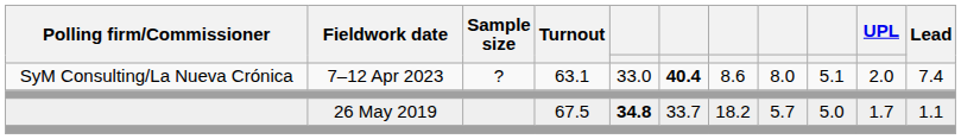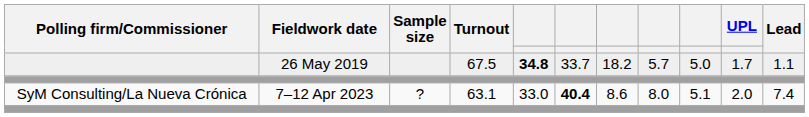 <table class="wikitable collapsible collapsed" style="text-align:center; font-size:95%; line-height:16px;">
 <tr style="height:42px;">
 <th style="width:250px;" rowspan="2">Polling firm/Commissioner</th>
 <th style="width:125px;" rowspan="2">Fieldwork date</th>
 <th style="width:50px;" rowspan="2">Sample size</th>
 <th style="width:45px;" rowspan="2">Turnout</th>
 <th style="width:35px;"></th>
 <th style="width:35px;"></th>
 <th style="width:35px;"></th>
 <th style="width:35px;"></th>
 <th style="width:35px;"></th>
 <th style="width:35px;"><a href='#'>UPL</a></th>
 <th style="width:30px;" rowspan="2">Lead</th>
 </tr>
 <tr>
 <th style="color:inherit;background:"></th>
 <th style="color:inherit;background:"></th>
 <th style="color:inherit;background:"></th>
 <th style="color:inherit;background:"></th>
 <th style="color:inherit;background:"></th>
 <th style="color:inherit;background:"></th>
 </tr>
+<tr style="background:#EFEFEF;">
+<td><strong></strong></td>
+<td>26 May 2019</td>
+<td></td>
+<td>67.5</td>
+<td><strong>34.8</strong><br></td>
+<td>33.7<br></td>
+<td>18.2<br></td>
+<td>5.7<br></td>
+<td>5.0<br></td>
+<td>1.7<br></td>
+<td style="background:">1.1</td>
+</tr>
+<tr>
+<td colspan="11" style="background:#A0A0A0"></td>
+</tr>
 <tr>
 <td>SyM Consulting/La Nueva Crónica</td>
 <td>7–12 Apr 2023</td>
 <td>?</td>
 <td>63.1</td>
 <td>33.0<br></td>
 <td><strong>40.4</strong><br></td>
 <td>8.6<br></td>
 <td>8.0<br></td>
 <td>5.1<br></td>
 <td>2.0<br></td>
 <td style="background:">7.4</td>
 </tr>
 <tr>
 <td colspan="11" style="background:#A0A0A0"></td>
 </tr>
-<tr style="background:#EFEFEF;">
-<td><strong></strong></td>
-<td>26 May 2019</td>
-<td></td>
-<td>67.5</td>
-<td><strong>34.8</strong><br></td>
-<td>33.7<br></td>
-<td>18.2<br></td>
-<td>5.7<br></td>
-<td>5.0<br></td>
-<td>1.7<br></td>
-<td style="background:">1.1</td>
-</tr>
-<tr>
-<td colspan="11" style="background:#A0A0A0"></td>
-</tr>
 </table>
